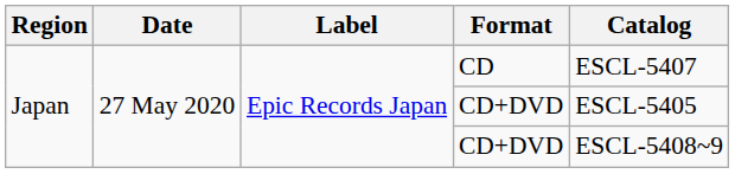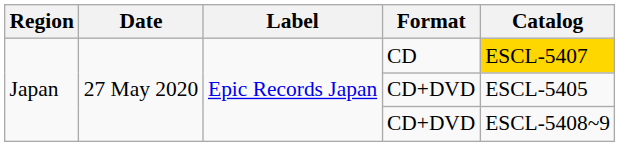 <table class="wikitable">
 <tr>
 <th>Region</th>
 <th>Date</th>
 <th>Label</th>
 <th>Format</th>
 <th>Catalog</th>
 </tr>
 <tr>
 <td rowspan="3">Japan</td>
 <td rowspan="3">27 May 2020</td>
 <td rowspan="3"><a href='#'>Epic Records Japan</a></td>
 <td>CD</td>
-<td>ESCL-5407</td>
+<td style="background: gold;">ESCL-5407</td>
 </tr>
 <tr>
 <td>CD+DVD</td>
 <td>ESCL-5405</td>
 </tr>
 <tr>
 <td>CD+DVD</td>
 <td>ESCL-5408~9</td>
 </tr>
 </table>
